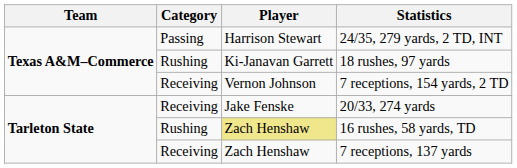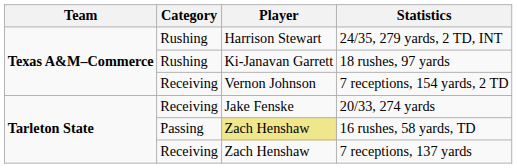 <table class="wikitable" style="float: left;">
 <tr>
 <th>Team</th>
 <th>Category</th>
 <th>Player</th>
 <th>Statistics</th>
 </tr>
 <tr>
 <td rowspan=3><strong>Texas A&M–Commerce</strong></td>
-<td>Passing</td>
+<td>Rushing</td>
 <td>Harrison Stewart</td>
 <td>24/35, 279 yards, 2 TD, INT</td>
 </tr>
 <tr>
 <td>Rushing</td>
 <td>Ki-Janavan Garrett</td>
 <td>18 rushes, 97 yards</td>
 </tr>
 <tr>
 <td>Receiving</td>
 <td>Vernon Johnson</td>
 <td>7 receptions, 154 yards, 2 TD</td>
 </tr>
 <tr>
 <td rowspan=3><strong>Tarleton State</strong></td>
 <td>Receiving</td>
 <td>Jake Fenske</td>
 <td>20/33, 274 yards</td>
 </tr>
 <tr>
-<td>Rushing</td>
+<td>Passing</td>
 <td style="background: khaki;">Zach Henshaw</td>
 <td>16 rushes, 58 yards, TD</td>
 </tr>
 <tr>
 <td>Receiving</td>
 <td>Zach Henshaw</td>
 <td>7 receptions, 137 yards</td>
 </tr>
 </table>
